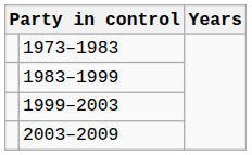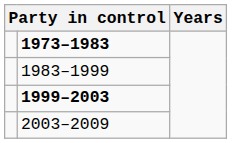 <table class="wikitable">
 <tr>
 <th colspan="2">Party in control</th>
 <th>Years</th>
 </tr>
 <tr>
 <td></td>
-<td>1973–1983</td>
+<td><strong>1973–1983</strong></td>
 </tr>
 <tr>
 <td></td>
 <td>1983–1999</td>
 </tr>
 <tr>
 <td></td>
-<td>1999–2003</td>
+<td><strong>1999–2003</strong></td>
 </tr>
 <tr>
 <td></td>
 <td>2003–2009</td>
 </tr>
 </table>
